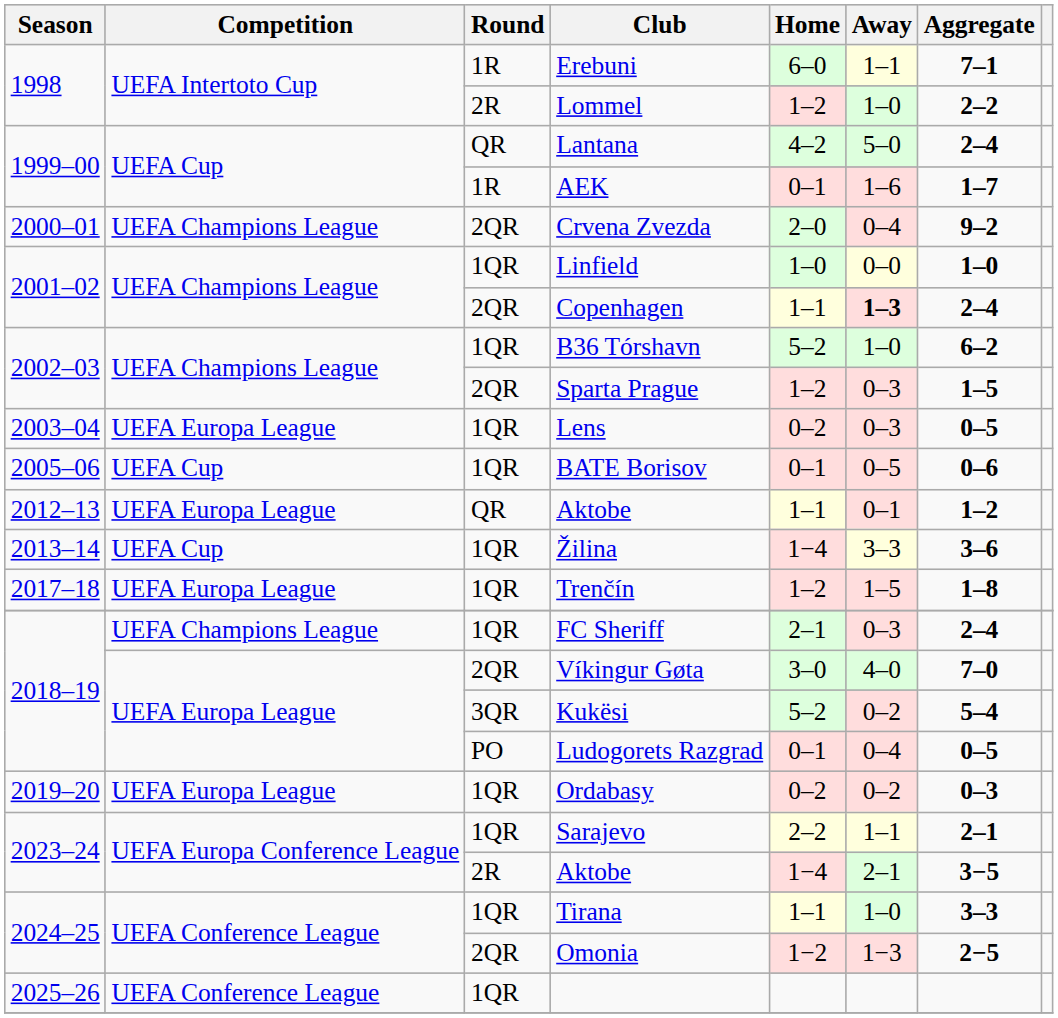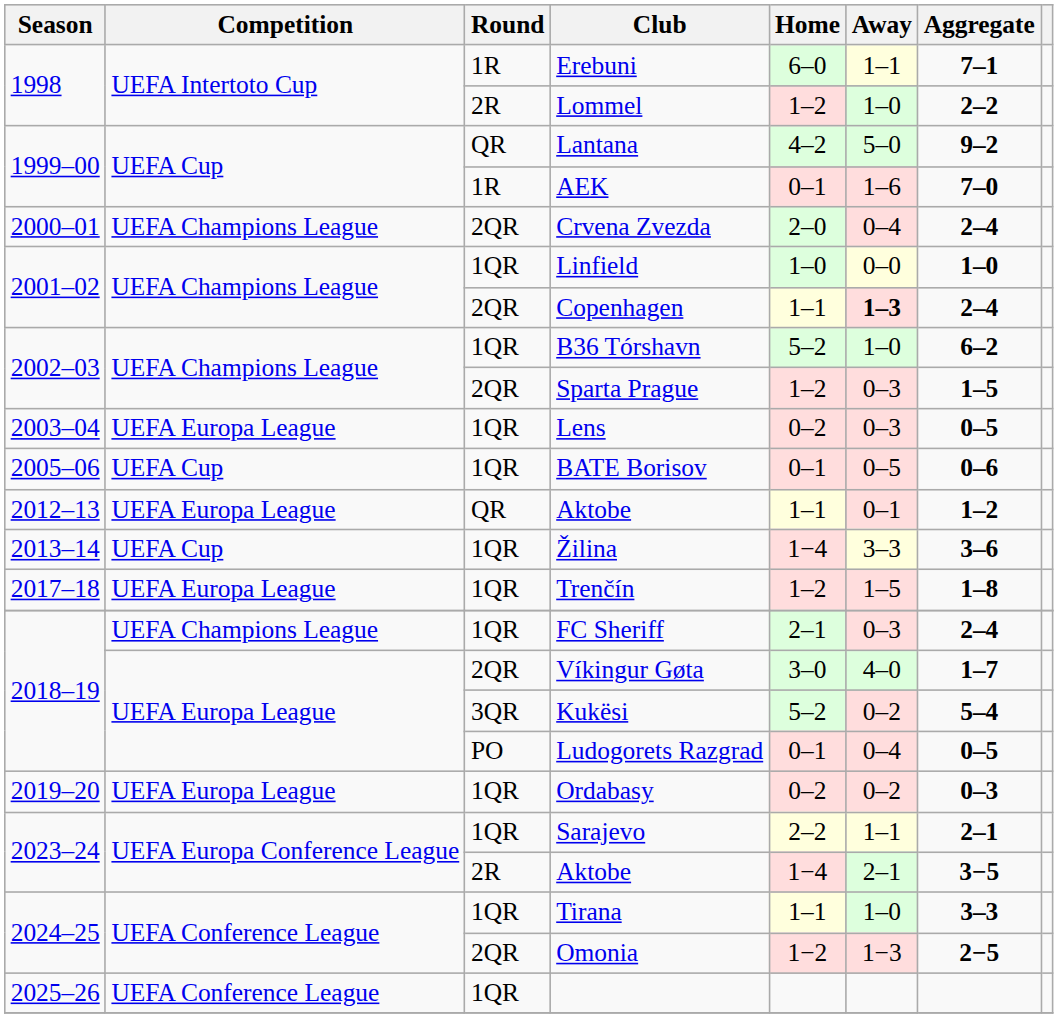 <table class="wikitable">
 <tr>
 <th>Season</th>
 <th>Competition</th>
 <th>Round</th>
 <th>Club</th>
 <th>Home</th>
 <th>Away</th>
 <th>Aggregate</th>
 <th></th>
 </tr>
 <tr>
 <td rowspan="2"><a href='#'>1998</a></td>
 <td rowspan="2"><a href='#'>UEFA Intertoto Cup</a></td>
 <td>1R</td>
 <td> <a href='#'>Erebuni</a></td>
 <td style="text-align:center; background:#dfd;">6–0</td>
 <td style="text-align:center; background:#ffd;">1–1</td>
 <td style="text-align:center;"><strong>7–1</strong></td>
 <td></td>
 </tr>
 <tr>
 <td>2R</td>
 <td> <a href='#'>Lommel</a></td>
 <td style="text-align:center; background:#fdd;">1–2</td>
 <td style="text-align:center; background:#dfd;">1–0</td>
 <td style="text-align:center;"><strong>2–2</strong></td>
 <td></td>
 </tr>
 <tr>
 <td rowspan="2"><a href='#'>1999–00</a></td>
 <td rowspan="2"><a href='#'>UEFA Cup</a></td>
 <td>QR</td>
 <td> <a href='#'>Lantana</a></td>
 <td style="text-align:center; background:#dfd;">4–2</td>
 <td style="text-align:center; background:#dfd;">5–0</td>
-<td style="text-align:center;"><strong>2–4</strong></td>
+<td style="text-align:center;"><strong>9–2</strong></td>
 <td></td>
 </tr>
 <tr>
 <td>1R</td>
 <td> <a href='#'>AEK</a></td>
 <td style="text-align:center; background:#fdd;">0–1</td>
 <td style="text-align:center; background:#fdd;">1–6</td>
-<td style="text-align:center;"><strong>1–7</strong></td>
+<td style="text-align:center;"><strong>7–0</strong></td>
 <td></td>
 </tr>
 <tr>
 <td><a href='#'>2000–01</a></td>
 <td><a href='#'>UEFA Champions League</a></td>
 <td>2QR</td>
 <td> <a href='#'>Crvena Zvezda</a></td>
 <td style="text-align:center; background:#dfd;">2–0</td>
 <td style="text-align:center; background:#fdd;">0–4</td>
-<td style="text-align:center;"><strong>9–2</strong></td>
+<td style="text-align:center;"><strong>2–4</strong></td>
 <td></td>
 </tr>
 <tr>
 <td rowspan="2"><a href='#'>2001–02</a></td>
 <td rowspan="2"><a href='#'>UEFA Champions League</a></td>
 <td>1QR</td>
 <td> <a href='#'>Linfield</a></td>
 <td style="text-align:center; background:#dfd;">1–0</td>
 <td style="text-align:center; background:#ffd;">0–0</td>
 <td style="text-align:center;"><strong>1–0</strong></td>
 <td></td>
 </tr>
 <tr>
 <td>2QR</td>
 <td> <a href='#'>Copenhagen</a></td>
 <td style="text-align:center; background:#ffd;">1–1</td>
 <td style="text-align:center; background:#fdd;"><strong>1–3</strong></td>
 <td style="text-align:center;"><strong>2–4</strong></td>
 <td></td>
 </tr>
 <tr>
 <td rowspan="2"><a href='#'>2002–03</a></td>
 <td rowspan="2"><a href='#'>UEFA Champions League</a></td>
 <td>1QR</td>
 <td> <a href='#'>B36 Tórshavn</a></td>
 <td style="text-align:center; background:#dfd;">5–2</td>
 <td style="text-align:center; background:#dfd;">1–0</td>
 <td style="text-align:center;"><strong>6–2</strong></td>
 <td></td>
 </tr>
 <tr>
 <td>2QR</td>
 <td> <a href='#'>Sparta Prague</a></td>
 <td style="text-align:center; background:#fdd;">1–2</td>
 <td style="text-align:center; background:#fdd;">0–3</td>
 <td style="text-align:center;"><strong>1–5</strong></td>
 <td></td>
 </tr>
 <tr>
 <td><a href='#'>2003–04</a></td>
 <td><a href='#'>UEFA Europa League</a></td>
 <td>1QR</td>
 <td> <a href='#'>Lens</a></td>
 <td style="text-align:center; background:#fdd;">0–2</td>
 <td style="text-align:center; background:#fdd;">0–3</td>
 <td style="text-align:center;"><strong>0–5</strong></td>
 <td></td>
 </tr>
 <tr>
 <td><a href='#'>2005–06</a></td>
 <td><a href='#'>UEFA Cup</a></td>
 <td>1QR</td>
 <td> <a href='#'>BATE Borisov</a></td>
 <td style="text-align:center; background:#fdd;">0–1</td>
 <td style="text-align:center; background:#fdd;">0–5</td>
 <td style="text-align:center;"><strong>0–6</strong></td>
 <td></td>
 </tr>
 <tr>
 <td><a href='#'>2012–13</a></td>
 <td><a href='#'>UEFA Europa League</a></td>
 <td>QR</td>
 <td> <a href='#'>Aktobe</a></td>
 <td style="text-align:center; background:#ffd;">1–1</td>
 <td style="text-align:center; background:#fdd;">0–1</td>
 <td style="text-align:center;"><strong>1–2</strong></td>
 <td></td>
 </tr>
 <tr>
 <td><a href='#'>2013–14</a></td>
 <td><a href='#'>UEFA Cup</a></td>
 <td>1QR</td>
 <td> <a href='#'>Žilina</a></td>
 <td style="text-align:center; background:#fdd;">1−4</td>
 <td style="text-align:center; background:#ffd;">3–3</td>
 <td style="text-align:center;"><strong>3–6</strong></td>
 <td></td>
 </tr>
 <tr>
 <td><a href='#'>2017–18</a></td>
 <td><a href='#'>UEFA Europa League</a></td>
 <td>1QR</td>
 <td> <a href='#'>Trenčín</a></td>
 <td style="text-align:center; background:#fdd;">1–2</td>
 <td style="text-align:center; background:#fdd;">1–5</td>
 <td style="text-align:center;"><strong>1–8</strong></td>
 <td></td>
 </tr>
 <tr rowspan="1"|>
 </tr>
 <tr>
 <td rowspan="4"><a href='#'>2018–19</a></td>
 <td><a href='#'>UEFA Champions League</a></td>
 <td>1QR</td>
 <td> <a href='#'>FC Sheriff</a></td>
 <td style="text-align:center; background:#dfd;">2–1</td>
 <td style="text-align:center; background:#fdd;">0–3</td>
 <td style="text-align:center;"><strong>2–4</strong></td>
 <td></td>
 </tr>
 <tr>
 <td rowspan="3"><a href='#'>UEFA Europa League</a></td>
 <td>2QR</td>
 <td> <a href='#'>Víkingur Gøta</a></td>
 <td style="text-align:center; background:#dfd;">3–0</td>
 <td style="text-align:center; background:#dfd;">4–0</td>
-<td style="text-align:center;"><strong>7–0</strong></td>
+<td style="text-align:center;"><strong>1–7</strong></td>
 <td></td>
 </tr>
 <tr>
 <td>3QR</td>
 <td> <a href='#'>Kukësi</a></td>
 <td style="text-align:center; background:#dfd;">5–2</td>
 <td style="text-align:center; background:#fdd;">0–2</td>
 <td style="text-align:center;"><strong>5–4</strong></td>
 <td></td>
 </tr>
 <tr>
 <td>PO</td>
 <td> <a href='#'>Ludogorets Razgrad</a></td>
 <td style="text-align:center; background:#fdd;">0–1</td>
 <td style="text-align:center; background:#fdd;">0–4</td>
 <td style="text-align:center;"><strong>0–5</strong></td>
 <td></td>
 </tr>
 <tr>
 <td><a href='#'>2019–20</a></td>
 <td><a href='#'>UEFA Europa League</a></td>
 <td>1QR</td>
 <td> <a href='#'>Ordabasy</a></td>
 <td style="text-align:center; background:#fdd;">0–2</td>
 <td style="text-align:center; background:#fdd;">0–2</td>
 <td style="text-align:center;"><strong>0–3</strong></td>
 <td></td>
 </tr>
 <tr>
 <td rowspan="2"><a href='#'>2023–24</a></td>
 <td rowspan="2"><a href='#'>UEFA Europa Conference League</a></td>
 <td>1QR</td>
 <td> <a href='#'>Sarajevo</a></td>
 <td style="text-align:center; background:#ffd;">2–2</td>
 <td style="text-align:center; background:#ffd;">1–1</td>
 <td style="text-align:center;"><strong>2–1</strong></td>
 <td></td>
 </tr>
 <tr>
 <td>2R</td>
 <td> <a href='#'>Aktobe</a></td>
 <td style="text-align:center; background:#fdd;">1−4</td>
 <td style="text-align:center; background:#dfd;">2–1</td>
 <td style="text-align:center;"><strong>3−5</strong></td>
 <td></td>
 </tr>
 <tr>
 <td rowspan="2"><a href='#'>2024–25</a></td>
 <td rowspan="2"><a href='#'>UEFA Conference League</a></td>
 <td>1QR</td>
 <td> <a href='#'>Tirana</a></td>
 <td style="text-align:center; background:#ffd;">1–1</td>
 <td style="text-align:center; background:#dfd;">1–0</td>
 <td style="text-align:center;"><strong>3–3 </strong></td>
 <td></td>
 </tr>
 <tr>
 <td>2QR</td>
 <td> <a href='#'>Omonia</a></td>
 <td style="text-align:center; background:#fdd;">1−2</td>
 <td style="text-align:center; background:#fdd;">1−3</td>
 <td style="text-align:center;"><strong>2−5</strong></td>
 <td></td>
 </tr>
 <tr>
 <td><a href='#'>2025–26</a></td>
 <td><a href='#'>UEFA Conference League</a></td>
 <td>1QR</td>
 <td></td>
 <td style="text-align:center;"></td>
 <td style="text-align:center;"></td>
 <td style="text-align:center;"></td>
 <td></td>
 </tr>
 <tr>
 </tr>
 </table>
